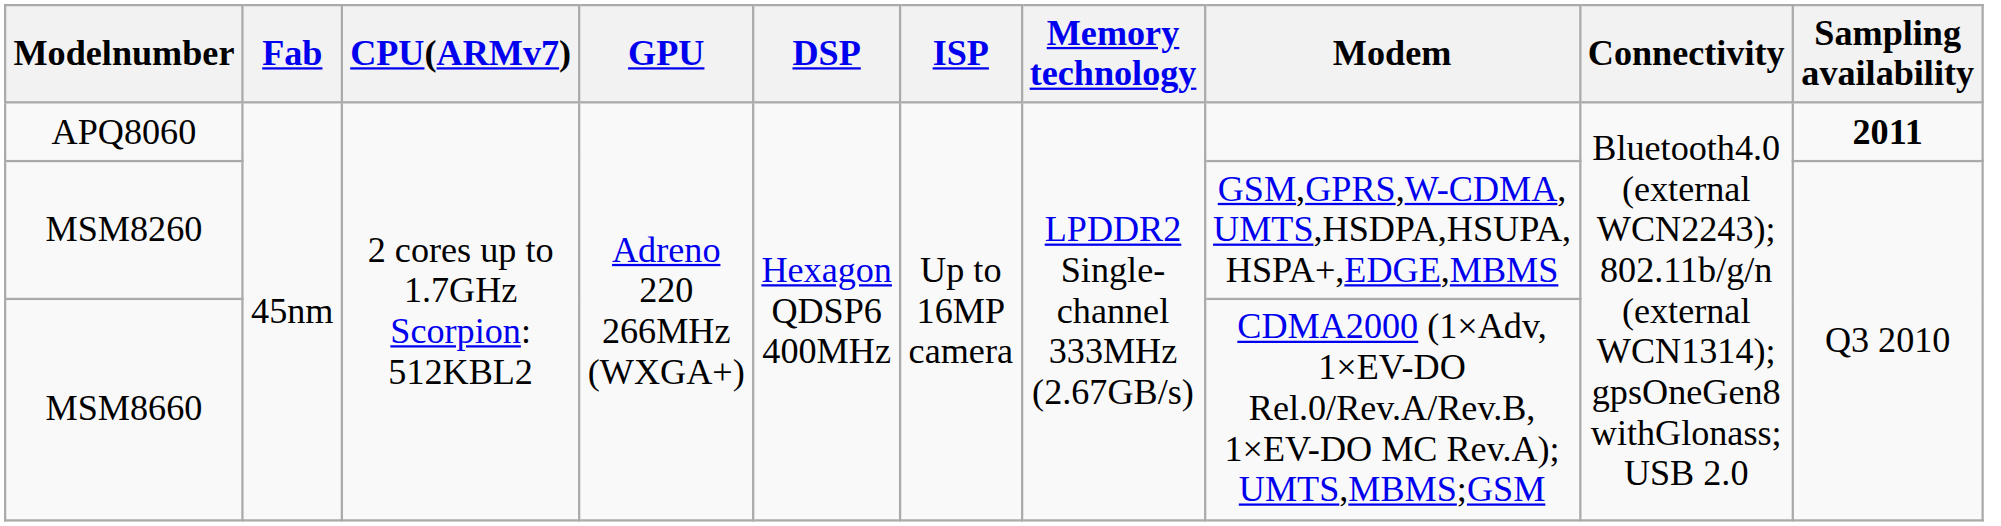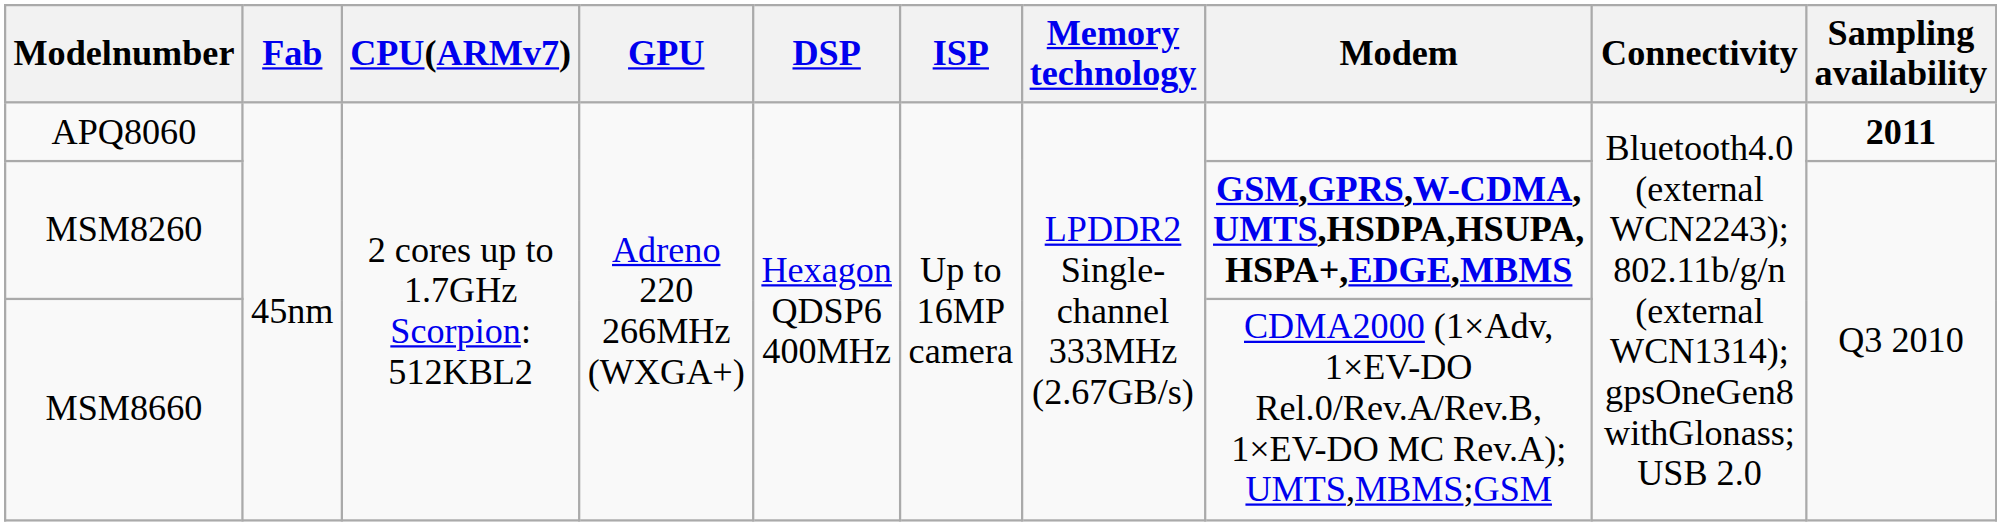 <table class="wikitable sticky-header" style="width:100%; text-align:center;margin: auto; border: none;">
 <tr>
 <th>Modelnumber</th>
 <th><a href='#'>Fab</a></th>
 <th><a href='#'>CPU</a>(<a href='#'>ARMv7</a>)</th>
 <th><a href='#'>GPU</a></th>
 <th><a href='#'>DSP</a></th>
 <th><a href='#'>ISP</a></th>
 <th><a href='#'>Memory technology</a></th>
 <th>Modem</th>
 <th>Connectivity</th>
 <th>Sampling availability</th>
 </tr>
 <tr>
 <td>APQ8060</td>
 <td rowspan="3">45nm</td>
 <td rowspan="3">2 cores up to 1.7GHz <a href='#'>Scorpion</a>: 512KBL2</td>
 <td rowspan="3"><a href='#'>Adreno</a> 220 266MHz (WXGA+)</td>
 <td rowspan="3"><a href='#'>Hexagon</a> QDSP6 400MHz</td>
 <td rowspan="3">Up to 16MP camera</td>
 <td rowspan="3"><a href='#'>LPDDR2</a> Single- channel 333MHz (2.67GB/s)</td>
 <td></td>
 <td rowspan="3">Bluetooth4.0 (external WCN2243); 802.11b/g/n (external WCN1314); gpsOneGen8 withGlonass; USB 2.0</td>
 <td><strong>2011</strong></td>
 </tr>
 <tr>
 <td>MSM8260</td>
-<td><a href='#'>GSM</a>,<a href='#'>GPRS</a>,<a href='#'>W-CDMA</a>, <a href='#'>UMTS</a>,HSDPA,HSUPA, HSPA+,<a href='#'>EDGE</a>,<a href='#'>MBMS</a></td>
+<td><strong><a href='#'>GSM</a>,<a href='#'>GPRS</a>,<a href='#'>W-CDMA</a>, <a href='#'>UMTS</a>,HSDPA,HSUPA, HSPA+,<a href='#'>EDGE</a>,<a href='#'>MBMS</a></strong></td>
 <td rowspan="2">Q3 2010</td>
 </tr>
 <tr>
 <td>MSM8660</td>
 <td><a href='#'>CDMA2000</a> (1×Adv, 1×EV-DO Rel.0/Rev.A/Rev.B, 1×EV-DO MC Rev.A); <a href='#'>UMTS</a>,<a href='#'>MBMS</a>;<a href='#'>GSM</a></td>
 </tr>
 </table>
